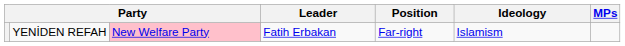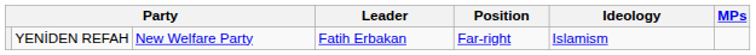 <table class="wikitable">
 <tr>
 <th colspan=3>Party</th>
 <th>Leader</th>
 <th>Position</th>
 <th>Ideology</th>
 <th><a href='#'>MPs</a></th>
 </tr>
 <tr>
 <th style="background:"></th>
 <td align=center>YENİDEN REFAH</td>
-<td style="background: pink; width:200px"><a href='#'>New Welfare Party</a><br><small></small></td>
+<td style="width:200px"><a href='#'>New Welfare Party</a><br><small></small></td>
 <td style="width:150px"><a href='#'>Fatih Erbakan</a></td>
 <td style="width:100px"><a href='#'>Far-right</a></td>
 <td style="width:180px"><a href='#'>Islamism</a></td>
 <td></td>
 </tr>
 </table>
